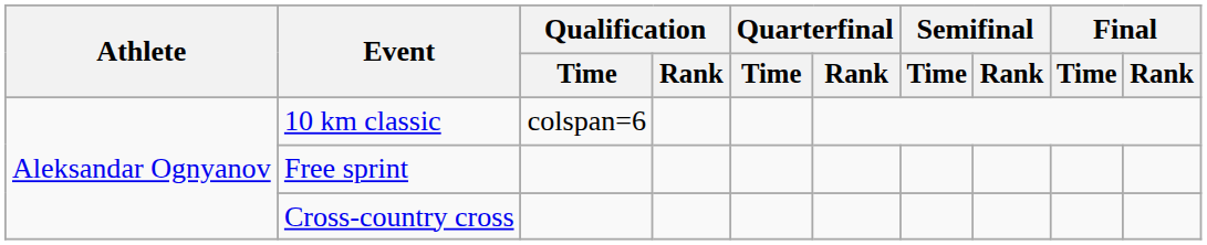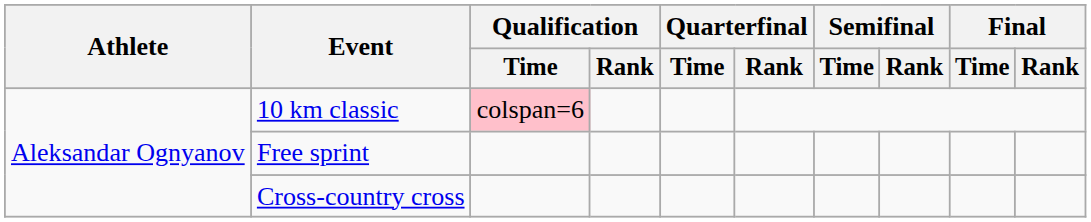 <table class="wikitable" style="font-size:90%">
 <tr>
 <th rowspan="2">Athlete</th>
 <th rowspan="2">Event</th>
 <th colspan="2">Qualification</th>
 <th colspan="2">Quarterfinal</th>
 <th colspan="2">Semifinal</th>
 <th colspan="2">Final</th>
 </tr>
 <tr style="font-size:95%">
 <th>Time</th>
 <th>Rank</th>
 <th>Time</th>
 <th>Rank</th>
 <th>Time</th>
 <th>Rank</th>
 <th>Time</th>
 <th>Rank</th>
 </tr>
 <tr align=center>
 <td align=left rowspan=3><a href='#'>Aleksandar Ognyanov</a></td>
 <td align=left><a href='#'>10 km classic</a></td>
-<td>colspan=6 </td>
+<td style="background: pink;">colspan=6 </td>
 <td></td>
 <td></td>
 </tr>
 <tr align=center>
 <td align=left><a href='#'>Free sprint</a></td>
 <td></td>
 <td></td>
 <td></td>
 <td></td>
 <td></td>
 <td></td>
 <td></td>
 <td></td>
 </tr>
 <tr align=center>
 <td align=left><a href='#'>Cross-country cross</a></td>
 <td></td>
 <td></td>
 <td></td>
 <td></td>
 <td></td>
 <td></td>
 <td></td>
 <td></td>
 </tr>
 </table>
